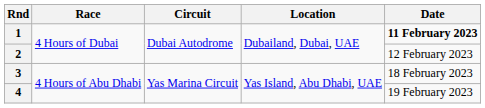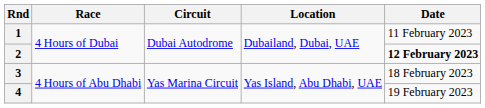 <table class="wikitable" style="font-size: 85%;">
 <tr>
 <th>Rnd</th>
 <th>Race</th>
 <th>Circuit</th>
 <th>Location</th>
 <th>Date</th>
 </tr>
 <tr>
 <th>1</th>
 <td rowspan="2"><a href='#'>4 Hours of Dubai</a></td>
 <td rowspan="2"> <a href='#'>Dubai Autodrome</a></td>
 <td rowspan="2"><a href='#'>Dubailand</a>, <a href='#'>Dubai</a>, <a href='#'>UAE</a></td>
-<td><strong>11 February 2023</strong></td>
+<td>11 February 2023</td>
 </tr>
 <tr>
 <th>2</th>
-<td>12 February 2023</td>
+<td><strong>12 February 2023</strong></td>
 </tr>
 <tr>
 <th>3</th>
 <td rowspan="2"><a href='#'>4 Hours of Abu Dhabi</a></td>
 <td rowspan="2"> <a href='#'>Yas Marina Circuit</a></td>
 <td rowspan="2"><a href='#'>Yas Island</a>, <a href='#'>Abu Dhabi</a>, <a href='#'>UAE</a></td>
 <td>18 February 2023</td>
 </tr>
 <tr>
 <th>4</th>
 <td>19 February 2023</td>
 </tr>
 </table>
